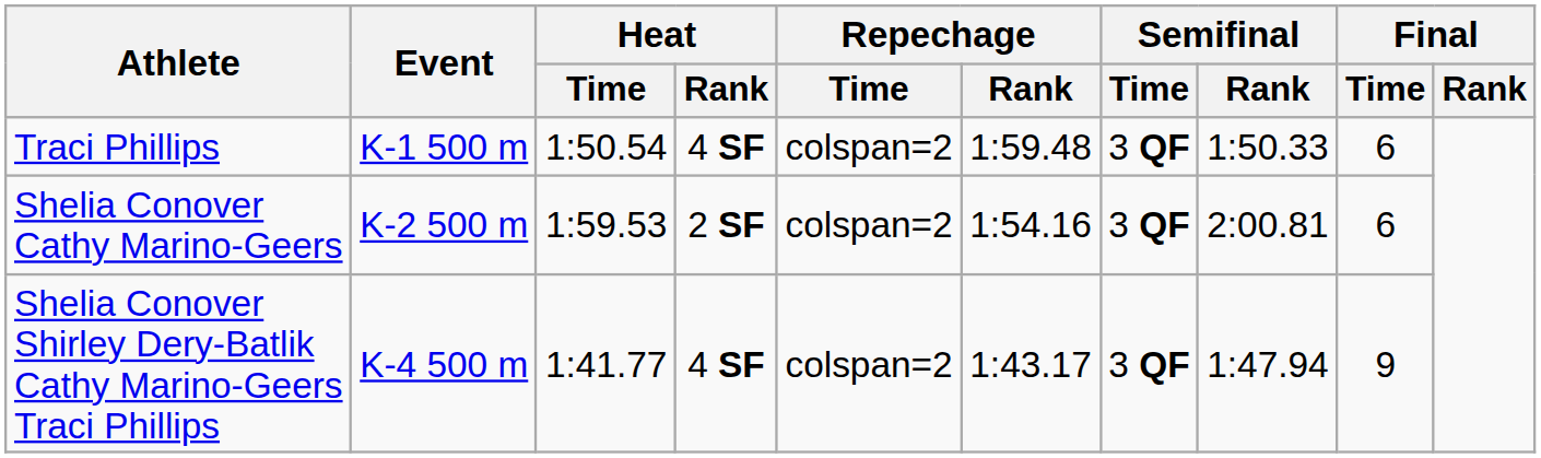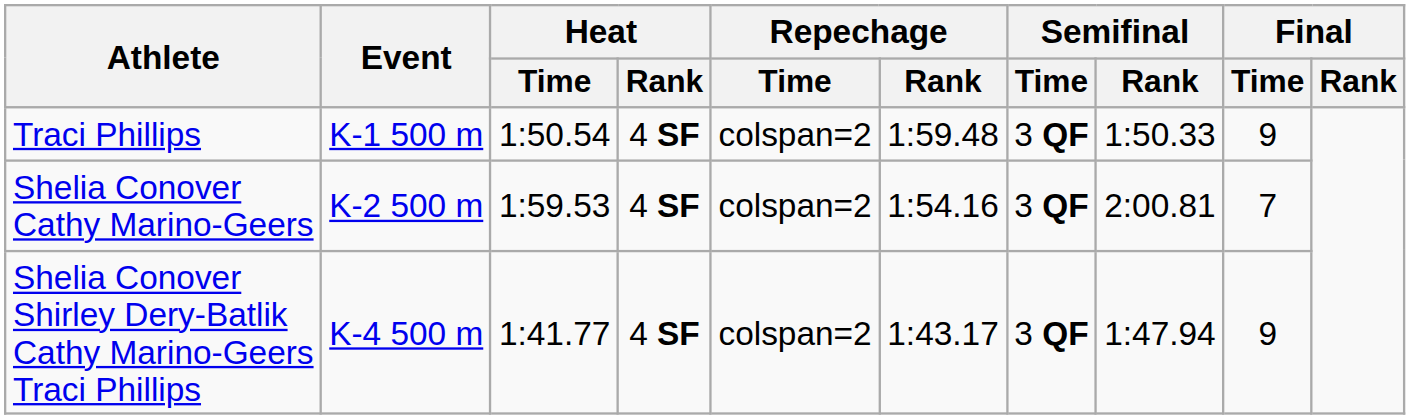 <table class=wikitable style=font-size:90%;text-align:center>
 <tr>
 <th rowspan=2>Athlete</th>
 <th rowspan=2>Event</th>
 <th colspan=2>Heat</th>
 <th colspan=2>Repechage</th>
 <th colspan=2>Semifinal</th>
 <th colspan=2>Final</th>
 </tr>
 <tr style=font-size:95%>
 <th>Time</th>
 <th>Rank</th>
 <th>Time</th>
 <th>Rank</th>
 <th>Time</th>
 <th>Rank</th>
 <th>Time</th>
 <th>Rank</th>
 </tr>
 <tr>
 <td align=left><a href='#'>Traci Phillips</a></td>
 <td align=left><a href='#'>K-1 500 m</a></td>
 <td>1:50.54</td>
 <td>4 <strong>SF</strong></td>
 <td>colspan=2 </td>
 <td>1:59.48</td>
 <td>3 <strong>QF</strong></td>
 <td>1:50.33</td>
-<td>6</td>
+<td>9</td>
 </tr>
 <tr>
 <td align=left><a href='#'>Shelia Conover</a><br><a href='#'>Cathy Marino-Geers</a></td>
 <td align=left><a href='#'>K-2 500 m</a></td>
 <td>1:59.53</td>
-<td>2 <strong>SF</strong></td>
+<td>4 <strong>SF</strong></td>
 <td>colspan=2 </td>
 <td>1:54.16</td>
 <td>3 <strong>QF</strong></td>
 <td>2:00.81</td>
-<td>6</td>
+<td>7</td>
 </tr>
 <tr>
 <td align=left><a href='#'>Shelia Conover</a><br><a href='#'>Shirley Dery-Batlik</a><br><a href='#'>Cathy Marino-Geers</a><br><a href='#'>Traci Phillips</a></td>
 <td align=left><a href='#'>K-4 500 m</a></td>
 <td>1:41.77</td>
 <td>4 <strong>SF</strong></td>
 <td>colspan=2 </td>
 <td>1:43.17</td>
 <td>3 <strong>QF</strong></td>
 <td>1:47.94</td>
 <td>9</td>
 </tr>
 </table>
